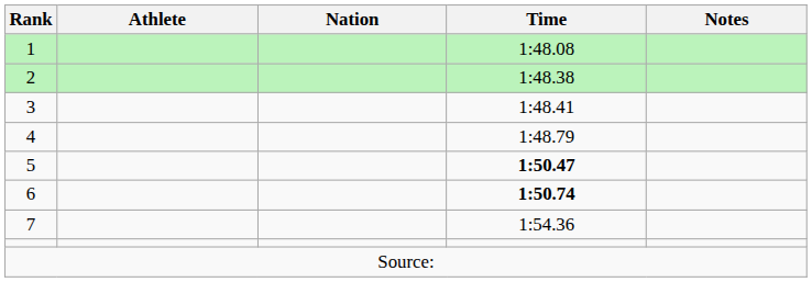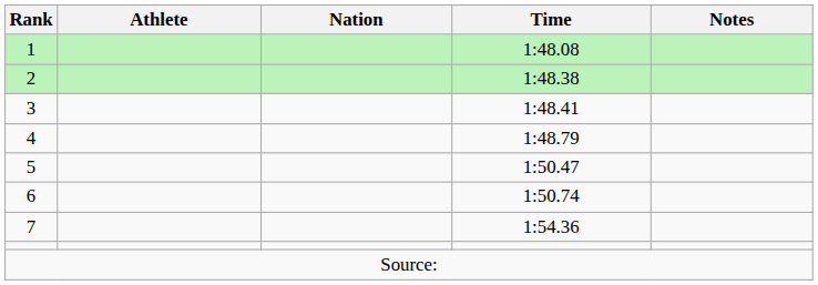 <table class="wikitable sortable" style="text-align:center;width: 55%;">
 <tr>
 <th scope="col" style="width: 10px;">Rank</th>
 <th scope="col">Athlete</th>
 <th scope="col">Nation</th>
 <th scope="col">Time</th>
 <th scope="col">Notes</th>
 </tr>
 <tr bgcolor=bbf3bb>
 <td>1</td>
 <td align=left></td>
 <td align=left></td>
 <td>1:48.08</td>
 <td></td>
 </tr>
 <tr bgcolor=bbf3bb>
 <td>2</td>
 <td align=left></td>
 <td align=left></td>
 <td>1:48.38</td>
 <td></td>
 </tr>
 <tr>
 <td>3</td>
 <td align=left></td>
 <td align=left></td>
 <td>1:48.41</td>
 <td></td>
 </tr>
 <tr>
 <td>4</td>
 <td align=left></td>
 <td align=left></td>
 <td>1:48.79</td>
 <td></td>
 </tr>
 <tr>
 <td>5</td>
 <td align=left></td>
 <td align=left></td>
-<td><strong>1:50.47</strong></td>
+<td>1:50.47</td>
 <td></td>
 </tr>
 <tr>
 <td>6</td>
 <td align=left></td>
 <td align=left></td>
-<td><strong>1:50.74</strong></td>
+<td>1:50.74</td>
 <td></td>
 </tr>
 <tr>
 <td>7</td>
 <td align=left></td>
 <td align=left></td>
 <td>1:54.36</td>
 <td></td>
 </tr>
 <tr>
 <td></td>
 <td align=left></td>
 <td align=left></td>
 <td></td>
 <td></td>
 </tr>
 <tr class="sortbottom">
 <td colspan="5">Source:</td>
 </tr>
 </table>
